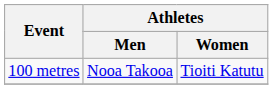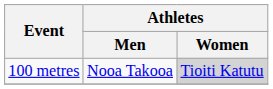 <table class=wikitable style="font-size:90%">
 <tr>
 <th rowspan=2>Event</th>
 <th colspan=2>Athletes</th>
 </tr>
 <tr>
 <th>Men</th>
 <th>Women</th>
 </tr>
 <tr>
 <td><a href='#'>100 metres</a></td>
 <td><a href='#'>Nooa Takooa</a></td>
-<td><a href='#'>Tioiti Katutu</a></td>
+<td style="background: lightgrey;"><a href='#'>Tioiti Katutu</a></td>
 </tr>
 <tr>
 </tr>
 </table>
